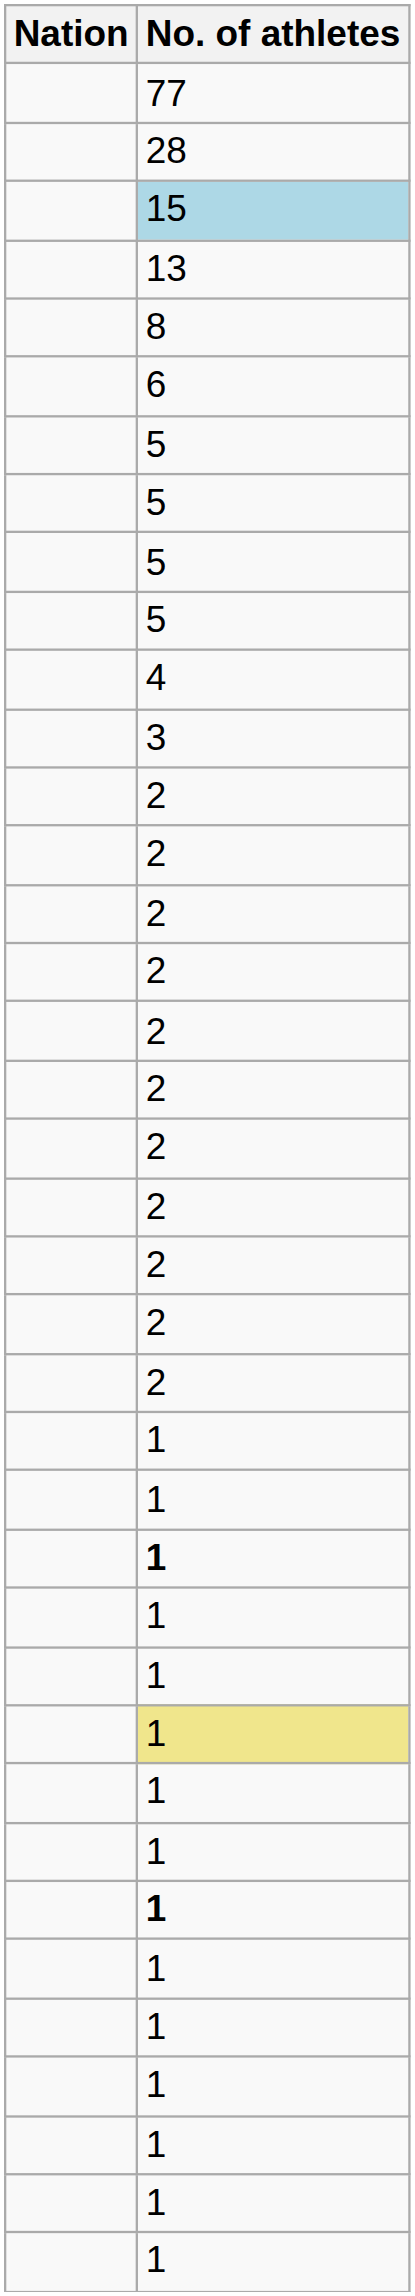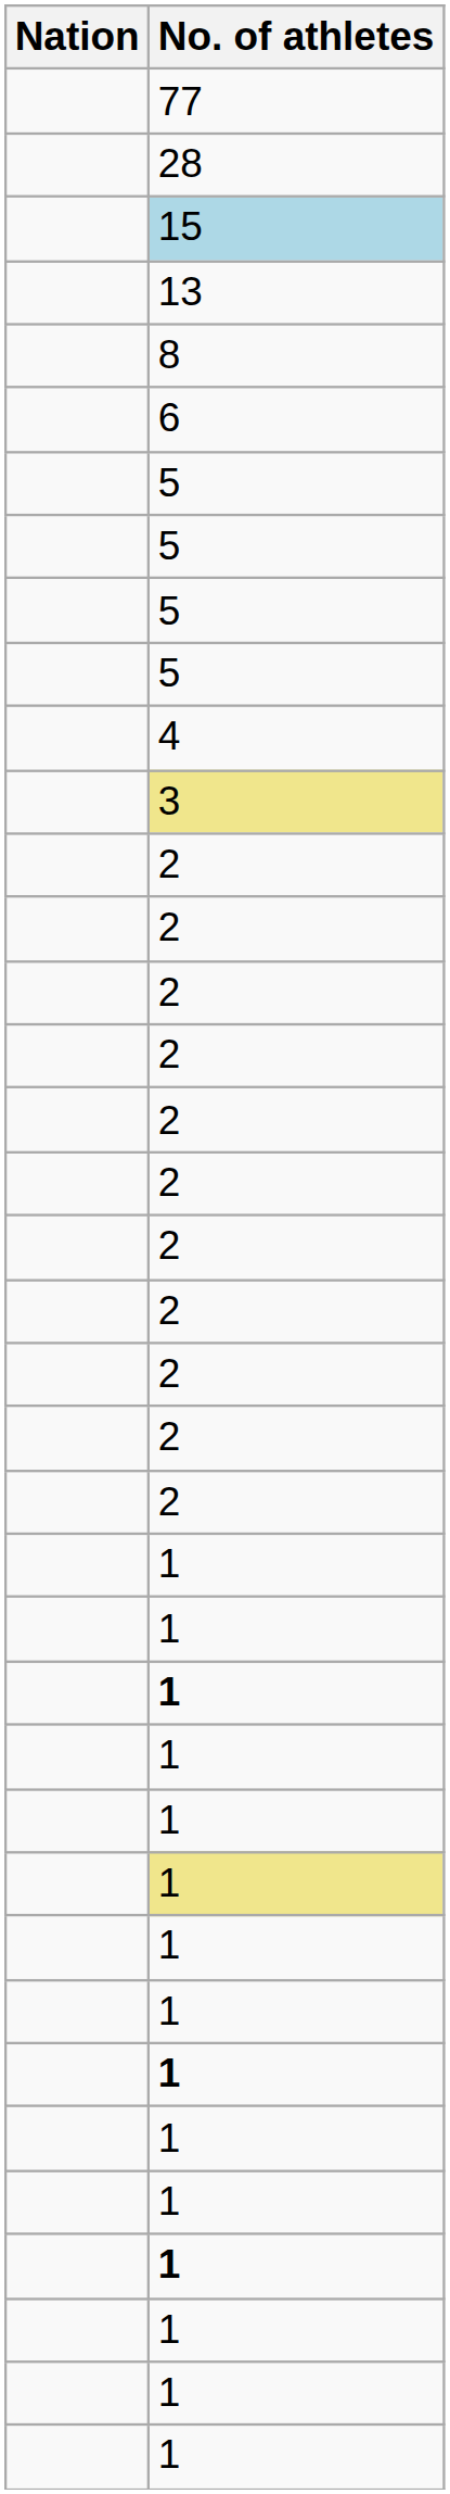 <table class="wikitable sortable">
 <tr>
 <th align="left">Nation</th>
 <th style="text-align:center;">No. of athletes</th>
 </tr>
 <tr>
 <td></td>
 <td>77</td>
 </tr>
 <tr>
 <td></td>
 <td>28</td>
 </tr>
 <tr>
 <td></td>
 <td style="background: lightblue;">15</td>
 </tr>
 <tr>
 <td></td>
 <td>13</td>
 </tr>
 <tr>
 <td></td>
 <td>8</td>
 </tr>
 <tr>
 <td></td>
 <td>6</td>
 </tr>
 <tr>
 <td></td>
 <td>5</td>
 </tr>
 <tr>
 <td></td>
 <td>5</td>
 </tr>
 <tr>
 <td></td>
 <td>5</td>
 </tr>
 <tr>
 <td></td>
 <td>5</td>
 </tr>
 <tr>
 <td></td>
 <td>4</td>
 </tr>
 <tr>
 <td></td>
-<td>3</td>
+<td style="background: khaki;">3</td>
 </tr>
 <tr>
 <td></td>
 <td>2</td>
 </tr>
 <tr>
 <td></td>
 <td>2</td>
 </tr>
 <tr>
 <td></td>
 <td>2</td>
 </tr>
 <tr>
 <td></td>
 <td>2</td>
 </tr>
 <tr>
 <td></td>
 <td>2</td>
 </tr>
 <tr>
 <td></td>
 <td>2</td>
 </tr>
 <tr>
 <td></td>
 <td>2</td>
 </tr>
 <tr>
 <td></td>
 <td>2</td>
 </tr>
 <tr>
 <td></td>
 <td>2</td>
 </tr>
 <tr>
 <td></td>
 <td>2</td>
 </tr>
 <tr>
 <td></td>
 <td>2</td>
 </tr>
 <tr>
 <td></td>
 <td>1</td>
 </tr>
 <tr>
 <td></td>
 <td>1</td>
 </tr>
 <tr>
 <td></td>
 <td><strong>1</strong></td>
 </tr>
 <tr>
 <td></td>
 <td>1</td>
 </tr>
 <tr>
 <td></td>
 <td>1</td>
 </tr>
 <tr>
 <td></td>
 <td style="background: khaki;">1</td>
 </tr>
 <tr>
 <td></td>
 <td>1</td>
 </tr>
 <tr>
 <td></td>
 <td>1</td>
 </tr>
 <tr>
 <td></td>
 <td><strong>1</strong></td>
 </tr>
 <tr>
 <td></td>
 <td>1</td>
 </tr>
 <tr>
 <td></td>
 <td>1</td>
 </tr>
 <tr>
 <td></td>
-<td>1</td>
+<td><strong>1</strong></td>
 </tr>
 <tr>
 <td></td>
 <td>1</td>
 </tr>
 <tr>
 <td></td>
 <td>1</td>
 </tr>
 <tr>
 <td></td>
 <td>1</td>
 </tr>
 </table>
